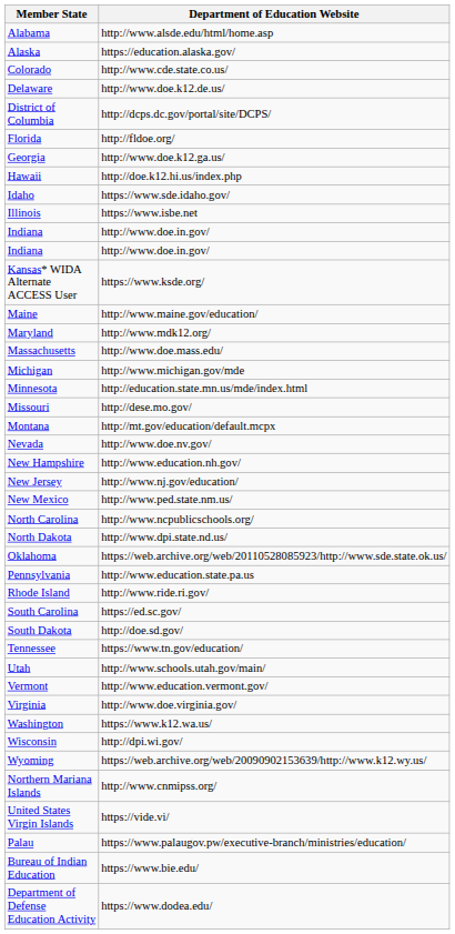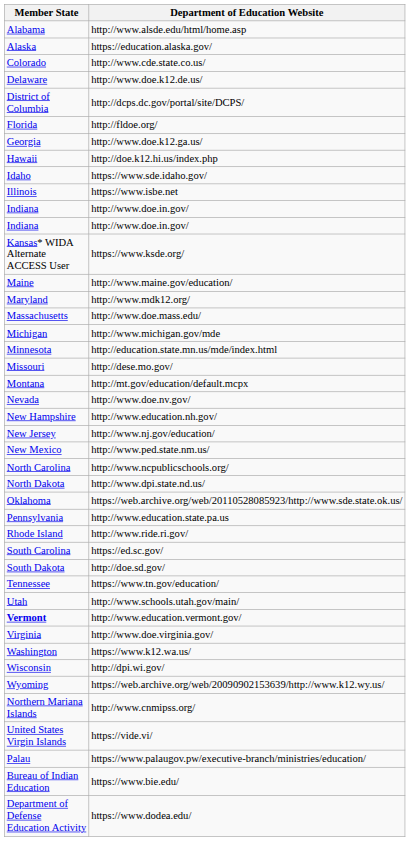 <table class="wikitable">
 <tr>
 <th>Member State</th>
 <th>Department of Education Website</th>
 </tr>
 <tr>
 <td><a href='#'>Alabama</a></td>
 <td>http://www.alsde.edu/html/home.asp</td>
 </tr>
 <tr>
 <td><a href='#'>Alaska</a></td>
 <td>https://education.alaska.gov/</td>
 </tr>
 <tr>
 <td><a href='#'>Colorado</a></td>
 <td>http://www.cde.state.co.us/</td>
 </tr>
 <tr>
 <td><a href='#'>Delaware</a></td>
 <td>http://www.doe.k12.de.us/</td>
 </tr>
 <tr>
 <td><a href='#'>District of Columbia</a></td>
 <td>http://dcps.dc.gov/portal/site/DCPS/</td>
 </tr>
 <tr>
 <td><a href='#'>Florida</a></td>
 <td>http://fldoe.org/</td>
 </tr>
 <tr>
 <td><a href='#'>Georgia</a></td>
 <td>http://www.doe.k12.ga.us/</td>
 </tr>
 <tr>
 <td><a href='#'>Hawaii</a></td>
 <td>http://doe.k12.hi.us/index.php</td>
 </tr>
 <tr>
 <td><a href='#'>Idaho</a></td>
 <td>https://www.sde.idaho.gov/</td>
 </tr>
 <tr>
 <td><a href='#'>Illinois</a></td>
 <td>https://www.isbe.net</td>
 </tr>
 <tr>
 <td><a href='#'>Indiana</a></td>
 <td>http://www.doe.in.gov/</td>
 </tr>
 <tr>
 <td><a href='#'>Indiana</a></td>
 <td>http://www.doe.in.gov/</td>
 </tr>
 <tr>
 <td><a href='#'>Kansas</a>* WIDA Alternate ACCESS User</td>
 <td>https://www.ksde.org/</td>
 </tr>
 <tr>
 <td><a href='#'>Maine</a></td>
 <td>http://www.maine.gov/education/</td>
 </tr>
 <tr>
 <td><a href='#'>Maryland</a></td>
 <td>http://www.mdk12.org/</td>
 </tr>
 <tr>
 <td><a href='#'>Massachusetts</a></td>
 <td>http://www.doe.mass.edu/</td>
 </tr>
 <tr>
 <td><a href='#'>Michigan</a></td>
 <td>http://www.michigan.gov/mde</td>
 </tr>
 <tr>
 <td><a href='#'>Minnesota</a></td>
 <td>http://education.state.mn.us/mde/index.html</td>
 </tr>
 <tr>
 <td><a href='#'>Missouri</a></td>
 <td>http://dese.mo.gov/</td>
 </tr>
 <tr>
 <td><a href='#'>Montana</a></td>
 <td>http://mt.gov/education/default.mcpx</td>
 </tr>
 <tr>
 <td><a href='#'>Nevada</a></td>
 <td>http://www.doe.nv.gov/</td>
 </tr>
 <tr>
 <td><a href='#'>New Hampshire</a></td>
 <td>http://www.education.nh.gov/</td>
 </tr>
 <tr>
 <td><a href='#'>New Jersey</a></td>
 <td>http://www.nj.gov/education/</td>
 </tr>
 <tr>
 <td><a href='#'>New Mexico</a></td>
 <td>http://www.ped.state.nm.us/</td>
 </tr>
 <tr>
 <td><a href='#'>North Carolina</a></td>
 <td>http://www.ncpublicschools.org/</td>
 </tr>
 <tr>
 <td><a href='#'>North Dakota</a></td>
 <td>http://www.dpi.state.nd.us/</td>
 </tr>
 <tr>
 <td><a href='#'>Oklahoma</a></td>
 <td>https://web.archive.org/web/20110528085923/http://www.sde.state.ok.us/</td>
 </tr>
 <tr>
 <td><a href='#'>Pennsylvania</a></td>
 <td>http://www.education.state.pa.us</td>
 </tr>
 <tr>
 <td><a href='#'>Rhode Island</a></td>
 <td>http://www.ride.ri.gov/</td>
 </tr>
 <tr>
 <td><a href='#'>South Carolina</a></td>
 <td>https://ed.sc.gov/</td>
 </tr>
 <tr>
 <td><a href='#'>South Dakota</a></td>
 <td>http://doe.sd.gov/</td>
 </tr>
 <tr>
 <td><a href='#'>Tennessee</a></td>
 <td>https://www.tn.gov/education/</td>
 </tr>
 <tr>
 <td><a href='#'>Utah</a></td>
 <td>http://www.schools.utah.gov/main/</td>
 </tr>
 <tr>
-<td><a href='#'>Vermont</a></td>
+<td><strong><a href='#'>Vermont</a></strong></td>
 <td>http://www.education.vermont.gov/</td>
 </tr>
 <tr>
 <td><a href='#'>Virginia</a></td>
 <td>http://www.doe.virginia.gov/</td>
 </tr>
 <tr>
 <td><a href='#'>Washington</a></td>
 <td>https://www.k12.wa.us/</td>
 </tr>
 <tr>
 <td><a href='#'>Wisconsin</a></td>
 <td>http://dpi.wi.gov/</td>
 </tr>
 <tr>
 <td><a href='#'>Wyoming</a></td>
 <td>https://web.archive.org/web/20090902153639/http://www.k12.wy.us/</td>
 </tr>
 <tr>
 <td><a href='#'>Northern Mariana Islands</a></td>
 <td>http://www.cnmipss.org/</td>
 </tr>
 <tr>
 <td><a href='#'>United States Virgin Islands</a></td>
 <td>https://vide.vi/</td>
 </tr>
 <tr>
 <td><a href='#'>Palau</a></td>
 <td>https://www.palaugov.pw/executive-branch/ministries/education/</td>
 </tr>
 <tr>
 <td><a href='#'>Bureau of Indian Education</a></td>
 <td>https://www.bie.edu/</td>
 </tr>
 <tr>
 <td><a href='#'>Department of Defense Education Activity</a></td>
 <td>https://www.dodea.edu/</td>
 </tr>
 </table>
